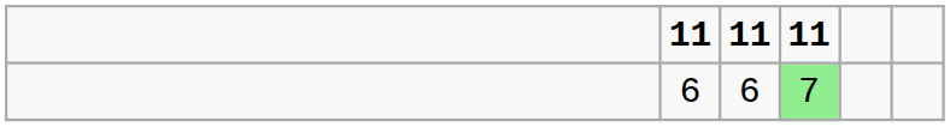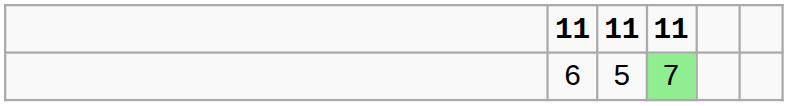 <table class="wikitable">
 <tr>
 <td style="width:18em"></td>
 <td align=center style="width:1em"><strong>11</strong></td>
 <td align=center style="width:1em"><strong>11</strong></td>
 <td align=center style="width:1em"><strong>11</strong></td>
 <td align=center style="width:1em"></td>
 <td align=center style="width:1em"></td>
 </tr>
 <tr>
 <td style="width:18em"></td>
 <td align=center style="width:1em">6</td>
-<td align=center style="width:1em">6</td>
+<td align=center style="width:1em">5</td>
 <td align=center style="background: lightgreen; width:1em">7</td>
 <td align=center style="width:1em"></td>
 <td align=center style="width:1em"></td>
 </tr>
 </table>
